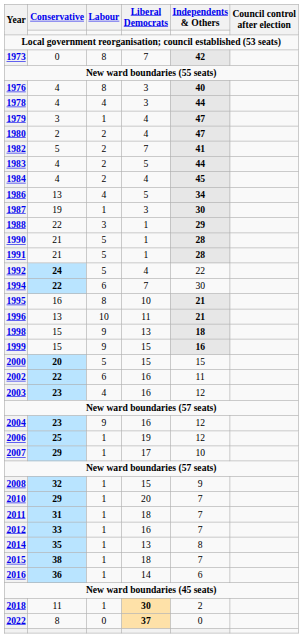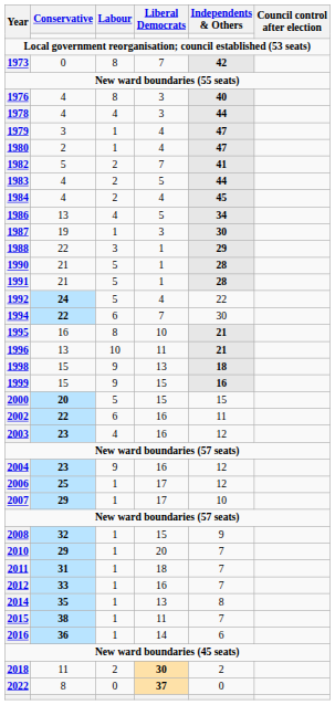 <table class="wikitable plainrowheaders" style="text-align:center">
 <tr>
 <th scope="col" rowspan="2">Year</th>
 <th scope="col"><a href='#'>Conservative</a></th>
 <th scope="col"><a href='#'>Labour</a></th>
 <th scope="col" style="width:1px"><a href='#'>Liberal Democrats</a></th>
 <th scope="col"><a href='#'>Independents</a><br>& Others</th>
 <th scope="col" rowspan="2" colspan="2">Council control<br>after election</th>
 </tr>
 <tr>
 <td style="background:"></td>
 <td style="background:"></td>
 <td style="background:"></td>
 <td style="background:"></td>
 </tr>
 <tr>
 <td colspan="9"><strong>Local government reorganisation; council established (53 seats)</strong></td>
 </tr>
 <tr>
 <th scope="row"><a href='#'>1973</a></th>
 <td>0</td>
 <td>8</td>
 <td>7</td>
 <td style="background:#E7E7E7;"><strong>42</strong></td>
 <td></td>
 </tr>
 <tr>
 <td colspan="9"><strong>New ward boundaries (55 seats)</strong></td>
 </tr>
 <tr>
 <th scope="row"><a href='#'>1976</a></th>
 <td>4</td>
 <td>8</td>
 <td>3</td>
 <td style="background:#E7E7E7;"><strong>40</strong></td>
 <td></td>
 </tr>
 <tr>
 <th scope="row"><a href='#'>1978</a></th>
 <td>4</td>
 <td>4</td>
 <td>3</td>
 <td style="background:#E7E7E7;"><strong>44</strong></td>
 <td></td>
 </tr>
 <tr>
 <th scope="row"><a href='#'>1979</a></th>
 <td>3</td>
 <td>1</td>
 <td>4</td>
 <td style="background:#E7E7E7;"><strong>47</strong></td>
 <td></td>
 </tr>
 <tr>
 <th scope="row"><a href='#'>1980</a></th>
 <td>2</td>
-<td>2</td>
+<td>1</td>
 <td>4</td>
 <td style="background:#E7E7E7;"><strong>47</strong></td>
 <td></td>
 </tr>
 <tr>
 <th scope="row"><a href='#'>1982</a></th>
 <td>5</td>
 <td>2</td>
 <td>7</td>
 <td style="background:#E7E7E7;"><strong>41</strong></td>
 <td></td>
 </tr>
 <tr>
 <th scope="row"><a href='#'>1983</a></th>
 <td>4</td>
 <td>2</td>
 <td>5</td>
 <td style="background:#E7E7E7;"><strong>44</strong></td>
 <td></td>
 </tr>
 <tr>
 <th scope="row"><a href='#'>1984</a></th>
 <td>4</td>
 <td>2</td>
 <td>4</td>
 <td style="background:#E7E7E7;"><strong>45</strong></td>
 <td></td>
 </tr>
 <tr>
 <th scope="row"><a href='#'>1986</a></th>
 <td>13</td>
 <td>4</td>
 <td>5</td>
 <td style="background:#E7E7E7;"><strong>34</strong></td>
 <td></td>
 </tr>
 <tr>
 <th scope="row"><a href='#'>1987</a></th>
 <td>19</td>
 <td>1</td>
 <td>3</td>
 <td style="background:#E7E7E7;"><strong>30</strong></td>
 <td></td>
 </tr>
 <tr>
 <th scope="row"><a href='#'>1988</a></th>
 <td>22</td>
 <td>3</td>
 <td>1</td>
 <td style="background:#E7E7E7;"><strong>29</strong></td>
 <td></td>
 </tr>
 <tr>
 <th scope="row"><a href='#'>1990</a></th>
 <td>21</td>
 <td>5</td>
 <td>1</td>
 <td style="background:#E7E7E7;"><strong>28</strong></td>
 <td></td>
 </tr>
 <tr>
 <th scope="row"><a href='#'>1991</a></th>
 <td>21</td>
 <td>5</td>
 <td>1</td>
 <td style="background:#E7E7E7;"><strong>28</strong></td>
 <td></td>
 </tr>
 <tr>
 <th scope="row"><a href='#'>1992</a></th>
 <td style="background:#B9E4FF;"><strong>24</strong></td>
 <td>5</td>
 <td>4</td>
 <td>22</td>
 <td></td>
 </tr>
 <tr>
 <th scope="row"><a href='#'>1994</a></th>
 <td style="background:#B9E4FF;"><strong>22</strong></td>
 <td>6</td>
 <td>7</td>
 <td>30</td>
 <td></td>
 </tr>
 <tr>
 <th scope="row"><a href='#'>1995</a></th>
 <td>16</td>
 <td>8</td>
 <td>10</td>
 <td style="background:#E7E7E7;"><strong>21</strong></td>
 <td></td>
 </tr>
 <tr>
 <th scope="row"><a href='#'>1996</a></th>
 <td>13</td>
 <td>10</td>
 <td>11</td>
 <td style="background:#E7E7E7;"><strong>21</strong></td>
 <td></td>
 </tr>
 <tr>
 <th scope="row"><a href='#'>1998</a></th>
 <td>15</td>
 <td>9</td>
 <td>13</td>
 <td style="background:#E7E7E7;"><strong>18</strong></td>
 <td></td>
 </tr>
 <tr>
 <th scope="row"><a href='#'>1999</a></th>
 <td>15</td>
 <td>9</td>
 <td>15</td>
 <td style="background:#E7E7E7;"><strong>16</strong></td>
 <td></td>
 </tr>
 <tr>
 <th scope="row"><a href='#'>2000</a></th>
 <td style="background:#B9E4FF;"><strong>20</strong></td>
 <td>5</td>
 <td>15</td>
 <td>15</td>
 <td></td>
 </tr>
 <tr>
 <th scope="row"><a href='#'>2002</a></th>
 <td style="background:#B9E4FF;"><strong>22</strong></td>
 <td>6</td>
 <td>16</td>
 <td>11</td>
 <td></td>
 </tr>
 <tr>
 <th scope="row"><a href='#'>2003</a></th>
 <td style="background:#B9E4FF;"><strong>23</strong></td>
 <td>4</td>
 <td>16</td>
 <td>12</td>
 <td></td>
 </tr>
 <tr>
 <td colspan="9"><strong>New ward boundaries (57 seats)</strong></td>
 </tr>
 <tr>
 <th scope="row"><a href='#'>2004</a></th>
 <td style="background:#B9E4FF;"><strong>23</strong></td>
 <td>9</td>
 <td>16</td>
 <td>12</td>
 <td></td>
 </tr>
 <tr>
 <th scope="row"><a href='#'>2006</a></th>
 <td style="background:#B9E4FF;"><strong>25</strong></td>
 <td>1</td>
-<td>19</td>
+<td>17</td>
 <td>12</td>
 <td></td>
 </tr>
 <tr>
 <th scope="row"><a href='#'>2007</a></th>
 <td style="background:#B9E4FF;"><strong>29</strong></td>
 <td>1</td>
 <td>17</td>
 <td>10</td>
 <td></td>
 </tr>
 <tr>
 <td colspan="9"><strong>New ward boundaries (57 seats)</strong></td>
 </tr>
 <tr>
 <th scope="row"><a href='#'>2008</a></th>
 <td style="background:#B9E4FF;"><strong>32</strong></td>
 <td>1</td>
 <td>15</td>
 <td>9</td>
 <td></td>
 </tr>
 <tr>
 <th scope="row"><a href='#'>2010</a></th>
 <td style="background:#B9E4FF;"><strong>29</strong></td>
 <td>1</td>
 <td>20</td>
 <td>7</td>
 <td></td>
 </tr>
 <tr>
 <th scope="row"><a href='#'>2011</a></th>
 <td style="background:#B9E4FF;"><strong>31</strong></td>
 <td>1</td>
 <td>18</td>
 <td>7</td>
 <td></td>
 </tr>
 <tr>
 <th scope="row"><a href='#'>2012</a></th>
 <td style="background:#B9E4FF;"><strong>33</strong></td>
 <td>1</td>
 <td>16</td>
 <td>7</td>
 <td></td>
 </tr>
 <tr>
 <th scope="row"><a href='#'>2014</a></th>
 <td style="background:#B9E4FF;"><strong>35</strong></td>
 <td>1</td>
 <td>13</td>
 <td>8</td>
 <td></td>
 </tr>
 <tr>
 <th scope="row"><a href='#'>2015</a></th>
 <td style="background:#B9E4FF;"><strong>38</strong></td>
 <td>1</td>
-<td>18</td>
+<td>11</td>
 <td>7</td>
 <td></td>
 </tr>
 <tr>
 <th scope="row"><a href='#'>2016</a></th>
 <td style="background:#B9E4FF;"><strong>36</strong></td>
 <td>1</td>
 <td>14</td>
 <td>6</td>
 <td></td>
 </tr>
 <tr>
 <td colspan="9"><strong>New ward boundaries (45 seats)</strong></td>
 </tr>
 <tr>
 <th scope="row"><a href='#'>2018</a></th>
 <td>11</td>
-<td>1</td>
+<td>2</td>
 <td style="background:#FEE1A8"><strong>30</strong></td>
 <td>2</td>
 <td></td>
 </tr>
 <tr>
 <th scope="row"><a href='#'>2022</a></th>
 <td>8</td>
 <td>0</td>
 <td style="background:#FEE1A8"><strong>37</strong></td>
 <td>0</td>
 <td></td>
 </tr>
 <tr>
 <th></th>
 <th style="background-color: "></th>
 <th style="background-color: "></th>
 <th style="background-color: "></th>
 <th style="background-color: "></th>
 </tr>
 </table>
